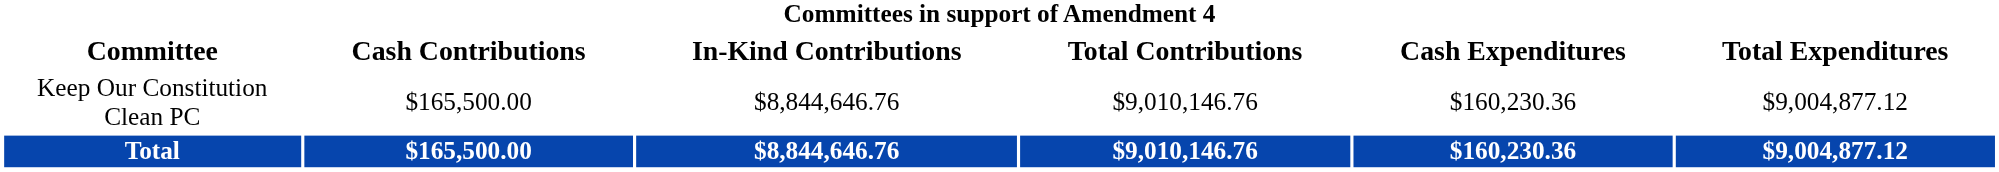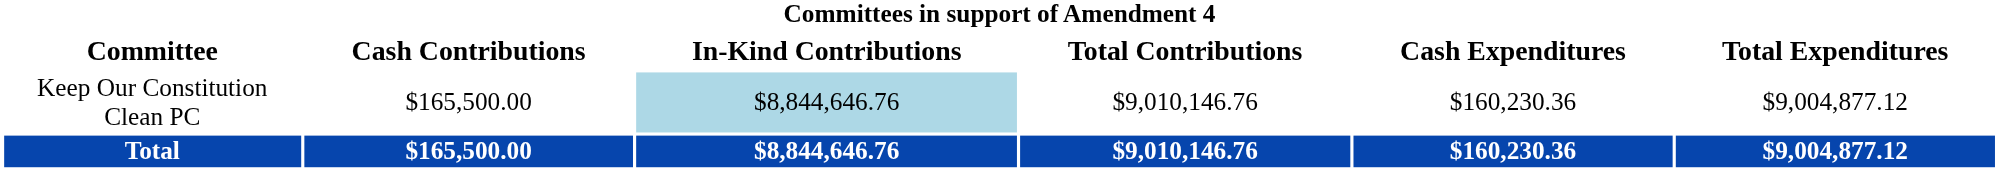 <table class="cftable bptable">
 <tr>
 <th colspan="6">Committees in support of  Amendment 4</th>
 </tr>
 <tr>
 <td width="15%" style="font-size:1.10em; font-weight:bold;text-align:center">Committee</td>
 <td style="font-size:1.10em; font-weight:bold;text-align:center">Cash Contributions</td>
 <td style="font-size:1.10em; font-weight:bold;text-align:center">In-Kind Contributions</td>
 <td style="font-size:1.10em; font-weight:bold;text-align:center">Total Contributions</td>
 <td style="font-size:1.10em; font-weight:bold;text-align:center">Cash Expenditures</td>
 <td style="font-size:1.10em; font-weight:bold;text-align:center">Total Expenditures</td>
 </tr>
 <tr>
 <td style="text-align:center">Keep Our Constitution Clean PC</td>
 <td style="text-align:center">$165,500.00</td>
-<td style="text-align:center">$8,844,646.76</td>
+<td style="background: lightblue; text-align:center">$8,844,646.76</td>
 <td style="text-align:center">$9,010,146.76</td>
 <td style="text-align:center">$160,230.36</td>
 <td style="text-align:center">$9,004,877.12</td>
 </tr>
 <tr>
 <td style="font-weight:bold;text-align:center;background-color:#0645AD; color:white">Total</td>
 <td style="font-weight:bold;text-align:center;background-color:#0645AD; color:white">$165,500.00</td>
 <td style="font-weight:bold;text-align:center;background-color:#0645AD; color:white">$8,844,646.76</td>
 <td style="font-weight:bold;text-align:center;background-color:#0645AD; color:white">$9,010,146.76</td>
 <td style="font-weight:bold;text-align:center;background-color:#0645AD; color:white">$160,230.36</td>
 <td style="font-weight:bold;text-align:center;background-color:#0645AD; color:white">$9,004,877.12</td>
 </tr>
 </table>
